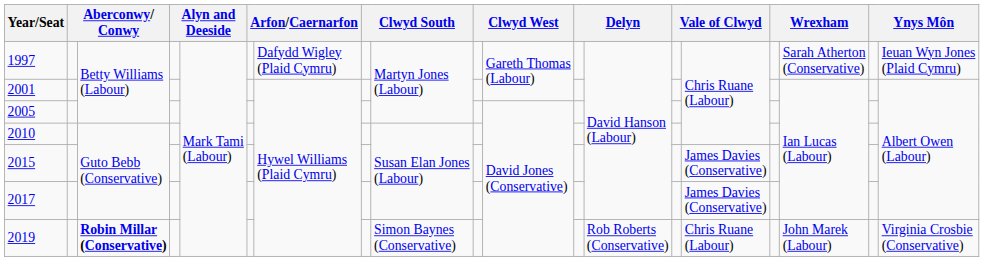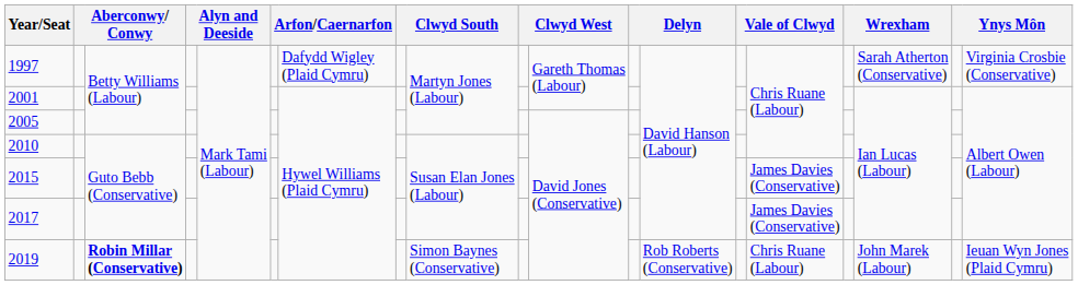 <table class="wikitable">
 <tr>
 <th>Year/Seat</th>
 <th colspan="2"><a href='#'>Aberconwy</a>/<br><a href='#'>Conwy</a></th>
 <th colspan="2"><a href='#'>Alyn and</a><br><a href='#'>Deeside</a></th>
 <th colspan="2"><a href='#'>Arfon</a>/<a href='#'>Caernarfon</a></th>
 <th colspan="2"><a href='#'>Clwyd South</a></th>
 <th colspan="2"><a href='#'>Clwyd West</a></th>
 <th colspan="2"><a href='#'>Delyn</a></th>
 <th colspan="2"><a href='#'>Vale of Clwyd</a></th>
 <th colspan="2"><a href='#'>Wrexham</a></th>
 <th colspan="2"><a href='#'>Ynys Môn</a></th>
 </tr>
 <tr>
 <td><a href='#'>1997</a></td>
 <td style="color:inherit;background:"> </td>
 <td rowspan="3"><a href='#'>Betty Williams</a><br>(<a href='#'>Labour</a>)</td>
 <td style="color:inherit;background:"> </td>
 <td rowspan="7"><a href='#'>Mark Tami</a><br>(<a href='#'>Labour</a>)</td>
 <td style="color:inherit;background-color: "></td>
 <td><a href='#'>Dafydd Wigley</a><br>(<a href='#'>Plaid Cymru</a>)</td>
 <td style="color:inherit;background:"> </td>
 <td rowspan="3"><a href='#'>Martyn Jones</a><br>(<a href='#'>Labour</a>)</td>
 <td style="color:inherit;background:"> </td>
 <td rowspan="2"><a href='#'>Gareth Thomas</a><br>(<a href='#'>Labour</a>)</td>
 <td style="color:inherit;background:"> </td>
 <td rowspan="6"><a href='#'>David Hanson</a><br>(<a href='#'>Labour</a>)</td>
 <td style="color:inherit;background:"> </td>
 <td rowspan="4"><a href='#'>Chris Ruane</a><br>(<a href='#'>Labour</a>)</td>
 <td style="color:inherit;background:"> </td>
 <td><a href='#'>Sarah Atherton</a><br>(<a href='#'>Conservative</a>)</td>
 <td style="color:inherit;background-color: "></td>
-<td><a href='#'>Ieuan Wyn Jones</a><br>(<a href='#'>Plaid Cymru</a>)</td>
+<td><a href='#'>Virginia Crosbie</a><br>(<a href='#'>Conservative</a>)</td>
 </tr>
 <tr>
 <td><a href='#'>2001</a></td>
 <td style="color:inherit;background:"> </td>
 <td style="color:inherit;background:"> </td>
 <td style="color:inherit;background-color: "></td>
 <td rowspan="6"><a href='#'>Hywel Williams</a><br>(<a href='#'>Plaid Cymru</a>)</td>
 <td style="color:inherit;background:"> </td>
 <td style="color:inherit;background:"> </td>
 <td style="color:inherit;background:"> </td>
 <td style="color:inherit;background:"> </td>
 <td style="color:inherit;background:"> </td>
 <td rowspan="5"><a href='#'>Ian Lucas</a><br>(<a href='#'>Labour</a>)</td>
 <td style="color:inherit;background:"> </td>
 <td rowspan="5"><a href='#'>Albert Owen</a><br>(<a href='#'>Labour</a>)</td>
 </tr>
 <tr>
 <td><a href='#'>2005</a></td>
 <td style="color:inherit;background:"> </td>
 <td style="color:inherit;background:"> </td>
 <td style="color:inherit;background-color: "></td>
 <td style="color:inherit;background:"> </td>
 <td style="color:inherit;background:"> </td>
 <td rowspan="5"><a href='#'>David Jones</a><br>(<a href='#'>Conservative</a>)</td>
 <td style="color:inherit;background:"> </td>
 <td style="color:inherit;background:"> </td>
 <td style="color:inherit;background:"> </td>
 <td style="color:inherit;background:"> </td>
 </tr>
 <tr>
 <td><a href='#'>2010</a></td>
 <td style="color:inherit;background:"> </td>
 <td rowspan="3"><a href='#'>Guto Bebb</a><br>(<a href='#'>Conservative</a>)</td>
 <td style="color:inherit;background:"> </td>
 <td style="color:inherit;background-color: "></td>
 <td style="color:inherit;background:"> </td>
 <td rowspan="3"><a href='#'>Susan Elan Jones</a><br>(<a href='#'>Labour</a>)</td>
 <td style="color:inherit;background:"> </td>
 <td style="color:inherit;background:"> </td>
 <td style="color:inherit;background:"> </td>
 <td style="color:inherit;background:"> </td>
 <td style="color:inherit;background:"> </td>
 </tr>
 <tr>
 <td><a href='#'>2015</a></td>
 <td style="color:inherit;background:"> </td>
 <td style="color:inherit;background:"> </td>
 <td style="color:inherit;background-color: "></td>
 <td style="color:inherit;background:"> </td>
 <td style="color:inherit;background:"> </td>
 <td style="color:inherit;background:"> </td>
 <td style="color:inherit;background:"> </td>
 <td><a href='#'>James Davies</a><br>(<a href='#'>Conservative</a>)</td>
 <td style="color:inherit;background:"> </td>
 <td style="color:inherit;background:"> </td>
 </tr>
 <tr>
 <td><a href='#'>2017</a></td>
 <td style="color:inherit;background:"> </td>
 <td style="color:inherit;background:"> </td>
 <td style="color:inherit;background-color: "></td>
 <td style="color:inherit;background:"> </td>
 <td style="color:inherit;background:"> </td>
 <td style="color:inherit;background:"> </td>
 <td style="color:inherit;background:"> </td>
 <td><a href='#'>James Davies</a><br>(<a href='#'>Conservative</a>)</td>
 <td style="color:inherit;background:"> </td>
 <td style="color:inherit;background:"> </td>
 </tr>
 <tr>
 <td><a href='#'>2019</a></td>
 <td style="color:inherit;background:"> </td>
 <td><strong><a href='#'>Robin Millar</a><br>(<a href='#'>Conservative</a>)</strong></td>
 <td style="color:inherit;background:"> </td>
 <td style="color:inherit;background-color: "></td>
 <td style="color:inherit;background:"> </td>
 <td><a href='#'>Simon Baynes</a><br>(<a href='#'>Conservative</a>)</td>
 <td style="color:inherit;background:"> </td>
 <td style="color:inherit;background:"> </td>
 <td><a href='#'>Rob Roberts</a><br>(<a href='#'>Conservative</a>)</td>
 <td style="color:inherit;background:"> </td>
 <td><a href='#'>Chris Ruane</a><br>(<a href='#'>Labour</a>)</td>
 <td style="color:inherit;background:"> </td>
 <td><a href='#'>John Marek</a><br>(<a href='#'>Labour</a>)</td>
 <td style="color:inherit;background:"> </td>
-<td><a href='#'>Virginia Crosbie</a><br>(<a href='#'>Conservative</a>)</td>
+<td><a href='#'>Ieuan Wyn Jones</a><br>(<a href='#'>Plaid Cymru</a>)</td>
 </tr>
 </table>
